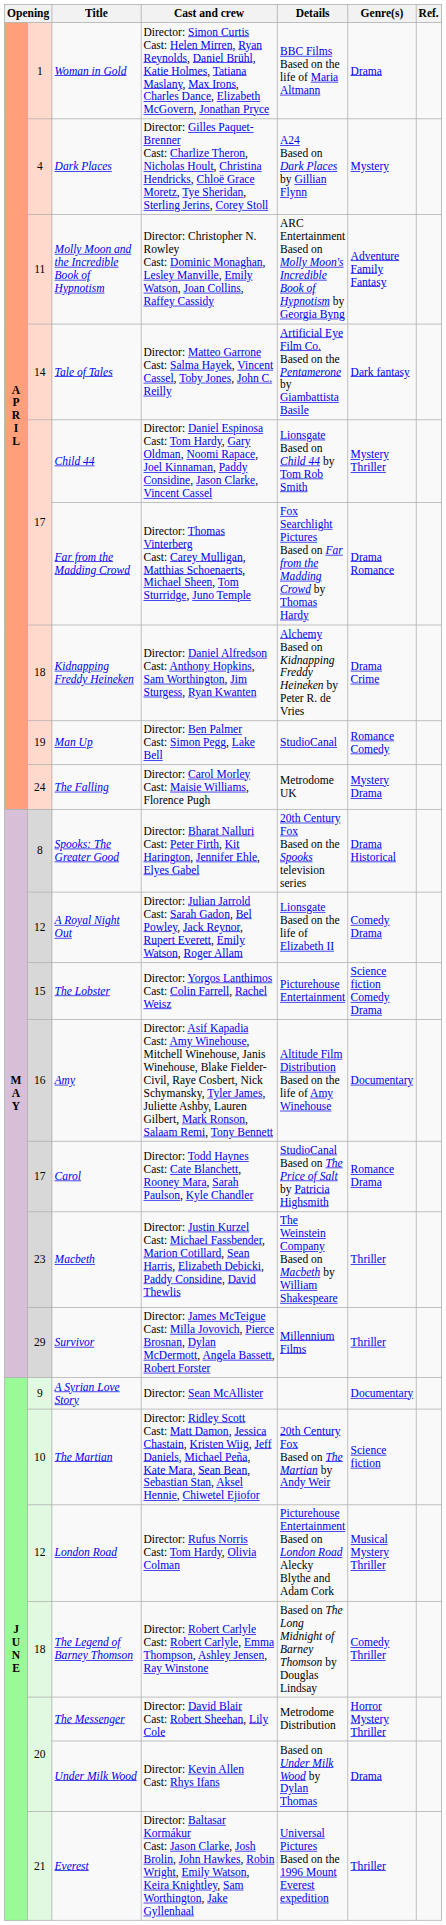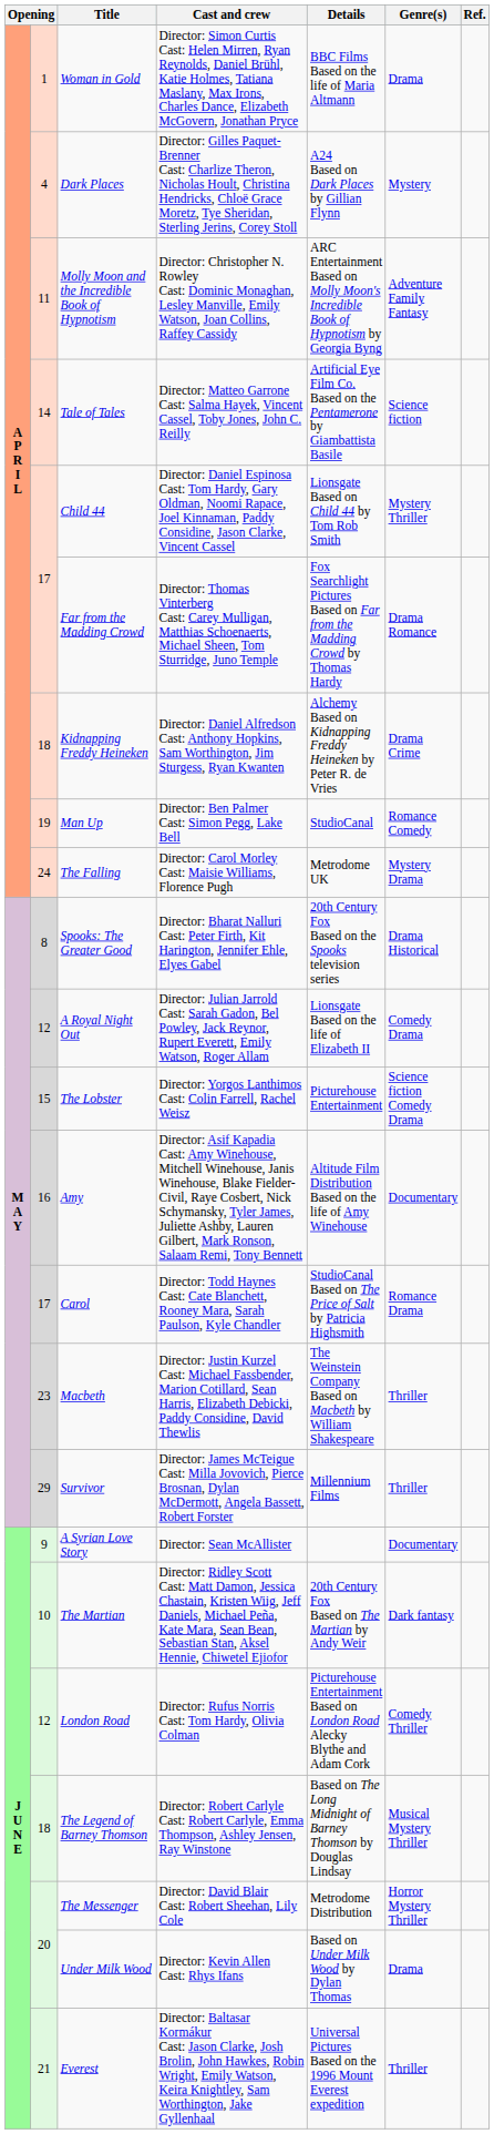 <table class="wikitable">
 <tr style="background:#b0e0e6; text-align:center;">
 <th colspan="2">Opening</th>
 <th style="width:24%;">Title</th>
 <th style="width:40%;">Cast and crew</th>
 <th>Details</th>
 <th style="width:10%;">Genre(s)</th>
 <th style="width:2%;">Ref.</th>
 </tr>
 <tr>
 <th rowspan="9" style="text-align:center; background:#ffa07a; textcolor:#000;">A<br>P<br>R<br>I<br>L</th>
 <td style="text-align:center; background:#ffdacc;">1</td>
 <td><em><a href='#'>Woman in Gold</a></em></td>
 <td>Director: <a href='#'>Simon Curtis</a> <br> Cast: <a href='#'>Helen Mirren</a>, <a href='#'>Ryan Reynolds</a>, <a href='#'>Daniel Brühl</a>, <a href='#'>Katie Holmes</a>, <a href='#'>Tatiana Maslany</a>, <a href='#'>Max Irons</a>, <a href='#'>Charles Dance</a>, <a href='#'>Elizabeth McGovern</a>, <a href='#'>Jonathan Pryce</a></td>
 <td><a href='#'>BBC Films</a> <br> Based on the life of <a href='#'>Maria Altmann</a></td>
 <td><a href='#'>Drama</a></td>
 <td style="text-align:center"></td>
 </tr>
 <tr>
 <td style="text-align:center; background:#ffdacc;">4</td>
 <td><em><a href='#'>Dark Places</a></em></td>
 <td>Director: <a href='#'>Gilles Paquet-Brenner</a> <br> Cast: <a href='#'>Charlize Theron</a>, <a href='#'>Nicholas Hoult</a>, <a href='#'>Christina Hendricks</a>, <a href='#'>Chloë Grace Moretz</a>, <a href='#'>Tye Sheridan</a>, <a href='#'>Sterling Jerins</a>, <a href='#'>Corey Stoll</a></td>
 <td><a href='#'>A24</a> <br> Based on <em><a href='#'>Dark Places</a></em> by <a href='#'>Gillian Flynn</a></td>
 <td><a href='#'>Mystery</a></td>
 <td style="text-align:center"></td>
 </tr>
 <tr>
 <td style="text-align:center; background:#ffdacc;">11</td>
 <td><em><a href='#'>Molly Moon and the Incredible Book of Hypnotism</a></em></td>
 <td>Director: Christopher N. Rowley <br> Cast: <a href='#'>Dominic Monaghan</a>, <a href='#'>Lesley Manville</a>, <a href='#'>Emily Watson</a>, <a href='#'>Joan Collins</a>, <a href='#'>Raffey Cassidy</a></td>
 <td>ARC Entertainment <br> Based on <em><a href='#'>Molly Moon's Incredible Book of Hypnotism</a></em> by <a href='#'>Georgia Byng</a></td>
 <td><a href='#'>Adventure</a> <br> <a href='#'>Family</a> <br> <a href='#'>Fantasy</a></td>
 <td style="text-align:center"></td>
 </tr>
 <tr>
 <td style="text-align:center; background:#ffdacc;">14</td>
 <td><em><a href='#'>Tale of Tales</a></em></td>
 <td>Director: <a href='#'>Matteo Garrone</a> <br> Cast: <a href='#'>Salma Hayek</a>, <a href='#'>Vincent Cassel</a>, <a href='#'>Toby Jones</a>, <a href='#'>John C. Reilly</a></td>
 <td><a href='#'>Artificial Eye Film Co.</a> <br> Based on the <em><a href='#'>Pentamerone</a></em> by <a href='#'>Giambattista Basile</a></td>
-<td><a href='#'>Dark fantasy</a></td>
+<td><a href='#'>Science fiction</a></td>
 <td style="text-align:center"></td>
 </tr>
 <tr>
 <td rowspan="2" style="text-align:center; background:#ffdacc;">17</td>
 <td><em><a href='#'>Child 44</a></em></td>
 <td>Director: <a href='#'>Daniel Espinosa</a> <br> Cast: <a href='#'>Tom Hardy</a>, <a href='#'>Gary Oldman</a>, <a href='#'>Noomi Rapace</a>, <a href='#'>Joel Kinnaman</a>, <a href='#'>Paddy Considine</a>, <a href='#'>Jason Clarke</a>, <a href='#'>Vincent Cassel</a></td>
 <td><a href='#'>Lionsgate</a> <br> Based on <em><a href='#'>Child 44</a></em> by <a href='#'>Tom Rob Smith</a></td>
 <td><a href='#'>Mystery</a> <br> <a href='#'>Thriller</a></td>
 <td style="text-align:center"></td>
 </tr>
 <tr>
 <td><em><a href='#'>Far from the Madding Crowd</a></em></td>
 <td>Director: <a href='#'>Thomas Vinterberg</a> <br> Cast: <a href='#'>Carey Mulligan</a>, <a href='#'>Matthias Schoenaerts</a>, <a href='#'>Michael Sheen</a>, <a href='#'>Tom Sturridge</a>, <a href='#'>Juno Temple</a></td>
 <td><a href='#'>Fox Searchlight Pictures</a> <br> Based on <em><a href='#'>Far from the Madding Crowd</a></em> by <a href='#'>Thomas Hardy</a></td>
 <td><a href='#'>Drama</a> <br> <a href='#'>Romance</a></td>
 <td style="text-align:center"></td>
 </tr>
 <tr>
 <td style="text-align:center; background:#ffdacc;">18</td>
 <td><em><a href='#'>Kidnapping Freddy Heineken</a></em></td>
 <td>Director: <a href='#'>Daniel Alfredson</a> <br> Cast: <a href='#'>Anthony Hopkins</a>, <a href='#'>Sam Worthington</a>, <a href='#'>Jim Sturgess</a>, <a href='#'>Ryan Kwanten</a></td>
 <td><a href='#'>Alchemy</a> <br> Based on <em>Kidnapping Freddy Heineken</em> by Peter R. de Vries</td>
 <td><a href='#'>Drama</a> <br> <a href='#'>Crime</a></td>
 <td style="text-align:center"></td>
 </tr>
 <tr>
 <td style="text-align:center; background:#ffdacc;">19</td>
 <td><em><a href='#'>Man Up</a></em></td>
 <td>Director: <a href='#'>Ben Palmer</a> <br> Cast: <a href='#'>Simon Pegg</a>, <a href='#'>Lake Bell</a></td>
 <td><a href='#'>StudioCanal</a></td>
 <td><a href='#'>Romance</a> <br> <a href='#'>Comedy</a></td>
 <td style="text-align:center"></td>
 </tr>
 <tr>
 <td style="text-align:center; background:#ffdacc;">24</td>
 <td><em><a href='#'>The Falling</a></em></td>
 <td>Director: <a href='#'>Carol Morley</a> <br> Cast: <a href='#'>Maisie Williams</a>, Florence Pugh</td>
 <td>Metrodome UK</td>
 <td><a href='#'>Mystery</a> <br> <a href='#'>Drama</a></td>
 <td style="text-align:center"></td>
 </tr>
 <tr>
 <th rowspan="7" style="text-align:center; background:thistle; textcolor:#000;">M<br>A<br>Y</th>
 <td style="text-align:center; background:#d8d8d8;">8</td>
 <td><em><a href='#'>Spooks: The Greater Good</a></em></td>
 <td>Director: <a href='#'>Bharat Nalluri</a> <br> Cast: <a href='#'>Peter Firth</a>, <a href='#'>Kit Harington</a>, <a href='#'>Jennifer Ehle</a>, <a href='#'>Elyes Gabel</a></td>
 <td><a href='#'>20th Century Fox</a> <br> Based on the <em><a href='#'>Spooks</a></em> television series</td>
 <td><a href='#'>Drama</a> <br> <a href='#'>Historical</a></td>
 <td style="text-align:center"></td>
 </tr>
 <tr>
 <td style="text-align:center; background:#d8d8d8;">12</td>
 <td><em><a href='#'>A Royal Night Out</a></em></td>
 <td>Director: <a href='#'>Julian Jarrold</a> <br> Cast: <a href='#'>Sarah Gadon</a>, <a href='#'>Bel Powley</a>, <a href='#'>Jack Reynor</a>, <a href='#'>Rupert Everett</a>, <a href='#'>Emily Watson</a>, <a href='#'>Roger Allam</a></td>
 <td><a href='#'>Lionsgate</a> <br> Based on the life of <a href='#'>Elizabeth II</a></td>
 <td><a href='#'>Comedy</a> <br> <a href='#'>Drama</a></td>
 <td style="text-align:center"></td>
 </tr>
 <tr>
 <td style="text-align:center; background:#d8d8d8;">15</td>
 <td><em><a href='#'>The Lobster</a></em></td>
 <td>Director: <a href='#'>Yorgos Lanthimos</a> <br> Cast: <a href='#'>Colin Farrell</a>, <a href='#'>Rachel Weisz</a></td>
 <td><a href='#'>Picturehouse Entertainment</a></td>
 <td><a href='#'>Science fiction</a> <br> <a href='#'>Comedy</a> <br> <a href='#'>Drama</a></td>
 <td style="text-align:center"></td>
 </tr>
 <tr>
 <td style="text-align:center; background:#d8d8d8;">16</td>
 <td><em><a href='#'>Amy</a></em></td>
 <td>Director: <a href='#'>Asif Kapadia</a> <br> Cast: <a href='#'>Amy Winehouse</a>, Mitchell Winehouse, Janis Winehouse, Blake Fielder-Civil, Raye Cosbert, Nick Schymansky, <a href='#'>Tyler James</a>, Juliette Ashby, Lauren Gilbert, <a href='#'>Mark Ronson</a>, <a href='#'>Salaam Remi</a>, <a href='#'>Tony Bennett</a></td>
 <td><a href='#'>Altitude Film Distribution</a> <br> Based on the life of <a href='#'>Amy Winehouse</a></td>
 <td><a href='#'>Documentary</a></td>
 <td style="text-align:center"></td>
 </tr>
 <tr>
 <td style="text-align:center; background:#d8d8d8;">17</td>
 <td><em><a href='#'>Carol</a></em></td>
 <td>Director: <a href='#'>Todd Haynes</a> <br> Cast: <a href='#'>Cate Blanchett</a>, <a href='#'>Rooney Mara</a>, <a href='#'>Sarah Paulson</a>, <a href='#'>Kyle Chandler</a></td>
 <td><a href='#'>StudioCanal</a> <br> Based on <em><a href='#'>The Price of Salt</a></em> by <a href='#'>Patricia Highsmith</a></td>
 <td><a href='#'>Romance</a> <br> <a href='#'>Drama</a></td>
 <td style="text-align:center"></td>
 </tr>
 <tr>
 <td style="text-align:center; background:#d8d8d8;">23</td>
 <td><em><a href='#'>Macbeth</a></em></td>
 <td>Director: <a href='#'>Justin Kurzel</a> <br> Cast: <a href='#'>Michael Fassbender</a>, <a href='#'>Marion Cotillard</a>, <a href='#'>Sean Harris</a>, <a href='#'>Elizabeth Debicki</a>, <a href='#'>Paddy Considine</a>, <a href='#'>David Thewlis</a></td>
 <td><a href='#'>The Weinstein Company</a> <br> Based on <em><a href='#'>Macbeth</a></em> by <a href='#'>William Shakespeare</a></td>
 <td><a href='#'>Thriller</a></td>
 <td style="text-align:center"></td>
 </tr>
 <tr>
 <td style="text-align:center; background:#d8d8d8;">29</td>
 <td><em><a href='#'>Survivor</a></em></td>
 <td>Director: <a href='#'>James McTeigue</a> <br> Cast: <a href='#'>Milla Jovovich</a>, <a href='#'>Pierce Brosnan</a>, <a href='#'>Dylan McDermott</a>, <a href='#'>Angela Bassett</a>, <a href='#'>Robert Forster</a></td>
 <td><a href='#'>Millennium Films</a></td>
 <td><a href='#'>Thriller</a></td>
 <td style="text-align:center"></td>
 </tr>
 <tr>
 <th rowspan="7" style="text-align:center; background:#98fb98; textcolor:#000;">J<br>U<br>N<br>E</th>
 <td style="text-align:center; background:#e0f9e0;">9</td>
 <td><em><a href='#'>A Syrian Love Story</a></em></td>
 <td>Director: <a href='#'>Sean McAllister</a> <br></td>
 <td></td>
 <td><a href='#'>Documentary</a></td>
 <td style="text-align:center"></td>
 </tr>
 <tr>
 <td style="text-align:center; background:#e0f9e0;">10</td>
 <td><em><a href='#'>The Martian</a></em></td>
 <td>Director: <a href='#'>Ridley Scott</a> <br> Cast: <a href='#'>Matt Damon</a>, <a href='#'>Jessica Chastain</a>, <a href='#'>Kristen Wiig</a>, <a href='#'>Jeff Daniels</a>, <a href='#'>Michael Peña</a>, <a href='#'>Kate Mara</a>, <a href='#'>Sean Bean</a>, <a href='#'>Sebastian Stan</a>, <a href='#'>Aksel Hennie</a>, <a href='#'>Chiwetel Ejiofor</a></td>
 <td><a href='#'>20th Century Fox</a> <br> Based on <em><a href='#'>The Martian</a></em> by <a href='#'>Andy Weir</a></td>
-<td><a href='#'>Science fiction</a></td>
+<td><a href='#'>Dark fantasy</a></td>
 <td style="text-align:center"></td>
 </tr>
 <tr>
 <td style="text-align:center; background:#e0f9e0;">12</td>
 <td><em><a href='#'>London Road</a></em></td>
 <td>Director: <a href='#'>Rufus Norris</a> <br> Cast: <a href='#'>Tom Hardy</a>, <a href='#'>Olivia Colman</a></td>
 <td><a href='#'>Picturehouse Entertainment</a> <br> Based on <em><a href='#'>London Road</a></em> Alecky Blythe and Adam Cork</td>
-<td><a href='#'>Musical</a> <br> <a href='#'>Mystery</a> <br> <a href='#'>Thriller</a></td>
+<td><a href='#'>Comedy</a> <br> <a href='#'>Thriller</a></td>
 <td style="text-align:center"></td>
 </tr>
 <tr>
 <td style="text-align:center; background:#e0f9e0;">18</td>
 <td><em><a href='#'>The Legend of Barney Thomson</a></em></td>
 <td>Director: <a href='#'>Robert Carlyle</a> <br> Cast: <a href='#'>Robert Carlyle</a>, <a href='#'>Emma Thompson</a>, <a href='#'>Ashley Jensen</a>, <a href='#'>Ray Winstone</a></td>
 <td>Based on <em>The Long Midnight of Barney Thomson</em> by Douglas Lindsay</td>
-<td><a href='#'>Comedy</a> <br> <a href='#'>Thriller</a></td>
+<td><a href='#'>Musical</a> <br> <a href='#'>Mystery</a> <br> <a href='#'>Thriller</a></td>
 <td style="text-align:center"></td>
 </tr>
 <tr>
 <td rowspan="2" style="text-align:center; background:#e0f9e0;">20</td>
 <td><em><a href='#'>The Messenger</a></em></td>
 <td>Director: <a href='#'>David Blair</a> <br> Cast: <a href='#'>Robert Sheehan</a>, <a href='#'>Lily Cole</a></td>
 <td>Metrodome Distribution</td>
 <td><a href='#'>Horror</a> <br> <a href='#'>Mystery</a> <br> <a href='#'>Thriller</a></td>
 <td style="text-align:center"></td>
 </tr>
 <tr>
 <td><em><a href='#'>Under Milk Wood</a></em></td>
 <td>Director: <a href='#'>Kevin Allen</a> <br> Cast: <a href='#'>Rhys Ifans</a></td>
 <td>Based on <em><a href='#'>Under Milk Wood</a></em> by <a href='#'>Dylan Thomas</a></td>
 <td><a href='#'>Drama</a></td>
 <td style="text-align:center"></td>
 </tr>
 <tr>
 <td style="text-align:center; background:#e0f9e0;">21</td>
 <td><em><a href='#'>Everest</a></em></td>
 <td>Director: <a href='#'>Baltasar Kormákur</a> <br> Cast: <a href='#'>Jason Clarke</a>, <a href='#'>Josh Brolin</a>, <a href='#'>John Hawkes</a>, <a href='#'>Robin Wright</a>, <a href='#'>Emily Watson</a>, <a href='#'>Keira Knightley</a>, <a href='#'>Sam Worthington</a>, <a href='#'>Jake Gyllenhaal</a></td>
 <td><a href='#'>Universal Pictures</a> <br> Based on the <a href='#'>1996 Mount Everest expedition</a></td>
 <td><a href='#'>Thriller</a></td>
 <td style="text-align:center"></td>
 </tr>
 </table>
